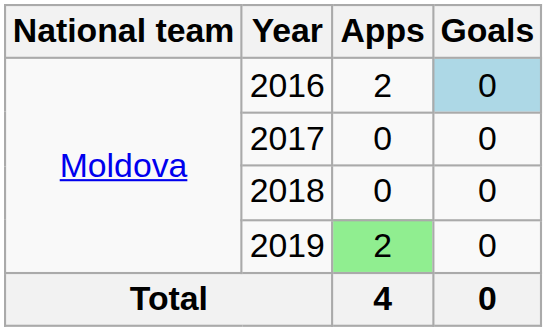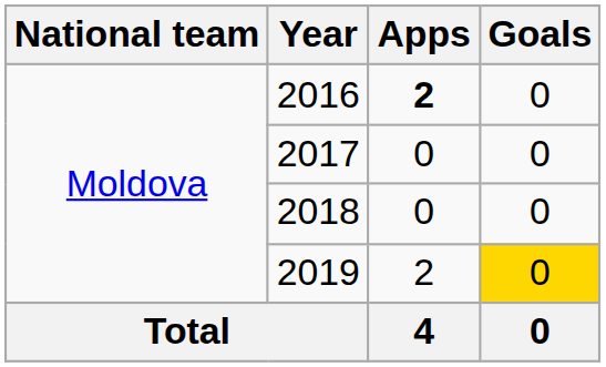 <table class="wikitable" style="text-align:center">
 <tr>
 <th>National team</th>
 <th>Year</th>
 <th>Apps</th>
 <th>Goals</th>
 </tr>
 <tr>
 <td rowspan="4"><a href='#'>Moldova</a></td>
 <td>2016</td>
-<td>2</td>
-<td style="background: lightblue;">0</td>
+<td><strong>2</strong></td>
+<td>0</td>
 </tr>
 <tr>
 <td>2017</td>
 <td>0</td>
 <td>0</td>
 </tr>
 <tr>
 <td>2018</td>
 <td>0</td>
 <td>0</td>
 </tr>
 <tr>
 <td>2019</td>
-<td style="background: lightgreen;">2</td>
-<td>0</td>
+<td>2</td>
+<td style="background: gold;">0</td>
 </tr>
 <tr>
 <th colspan="2">Total</th>
 <th>4</th>
 <th>0</th>
 </tr>
 </table>
